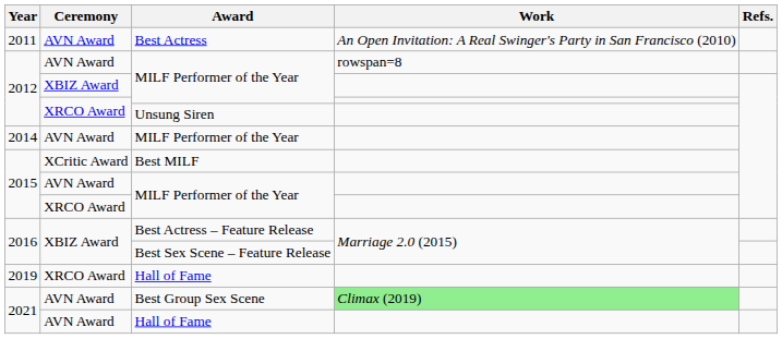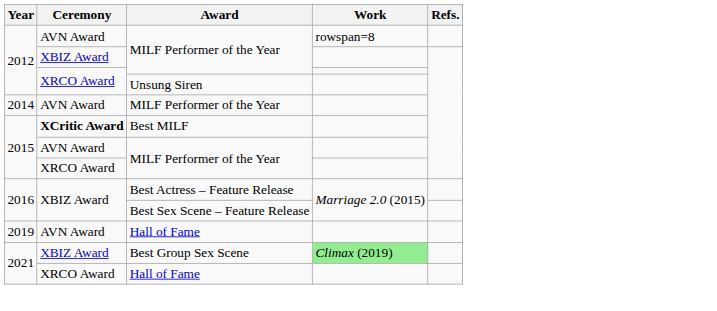 <table class="wikitable">
 <tr>
 <th>Year</th>
 <th>Ceremony</th>
 <th>Award</th>
 <th>Work</th>
 <th>Refs.</th>
-</tr>
-<tr>
-<td>2011</td>
-<td rowspan=1><a href='#'>AVN Award</a></td>
-<td><a href='#'>Best Actress</a></td>
-<td><em>An Open Invitation: A Real Swinger's Party in San Francisco</em> (2010)</td>
-<td></td>
 </tr>
 <tr>
 <td rowspan=4>2012</td>
 <td>AVN Award</td>
 <td rowspan=3>MILF Performer of the Year</td>
 <td>rowspan=8 </td>
 <td></td>
 </tr>
 <tr>
 <td><a href='#'>XBIZ Award</a></td>
 <td></td>
 </tr>
 <tr>
 <td rowspan=2><a href='#'>XRCO Award</a></td>
 <td></td>
 </tr>
 <tr>
 <td>Unsung Siren</td>
 <td></td>
 </tr>
 <tr>
 <td>2014</td>
 <td rowspan=1>AVN Award</td>
 <td rowspan=1>MILF Performer of the Year</td>
 <td></td>
 </tr>
 <tr>
 <td rowspan=3>2015</td>
-<td>XCritic Award</td>
+<td><strong>XCritic Award</strong></td>
 <td>Best MILF</td>
 <td></td>
 </tr>
 <tr>
 <td>AVN Award</td>
 <td rowspan=2>MILF Performer of the Year</td>
 <td></td>
 </tr>
 <tr>
 <td>XRCO Award</td>
 <td></td>
 </tr>
 <tr>
 <td rowspan=2>2016</td>
 <td rowspan=2>XBIZ Award</td>
 <td>Best Actress – Feature Release</td>
 <td rowspan=2><em>Marriage 2.0</em> (2015)</td>
 <td></td>
 </tr>
 <tr>
 <td>Best Sex Scene – Feature Release</td>
 <td></td>
 </tr>
 <tr>
 <td>2019</td>
-<td>XRCO Award</td>
+<td rowspan=1>AVN Award</td>
 <td><a href='#'>Hall of Fame</a></td>
 <td></td>
 <td></td>
 </tr>
 <tr>
 <td rowspan=2>2021</td>
-<td>AVN Award</td>
+<td><a href='#'>XBIZ Award</a></td>
 <td>Best Group Sex Scene</td>
 <td style="background: lightgreen;"><em>Climax</em> (2019)</td>
 <td></td>
 </tr>
 <tr>
-<td rowspan=1>AVN Award</td>
+<td>XRCO Award</td>
 <td><a href='#'>Hall of Fame</a></td>
 <td></td>
 <td></td>
 </tr>
 </table>
